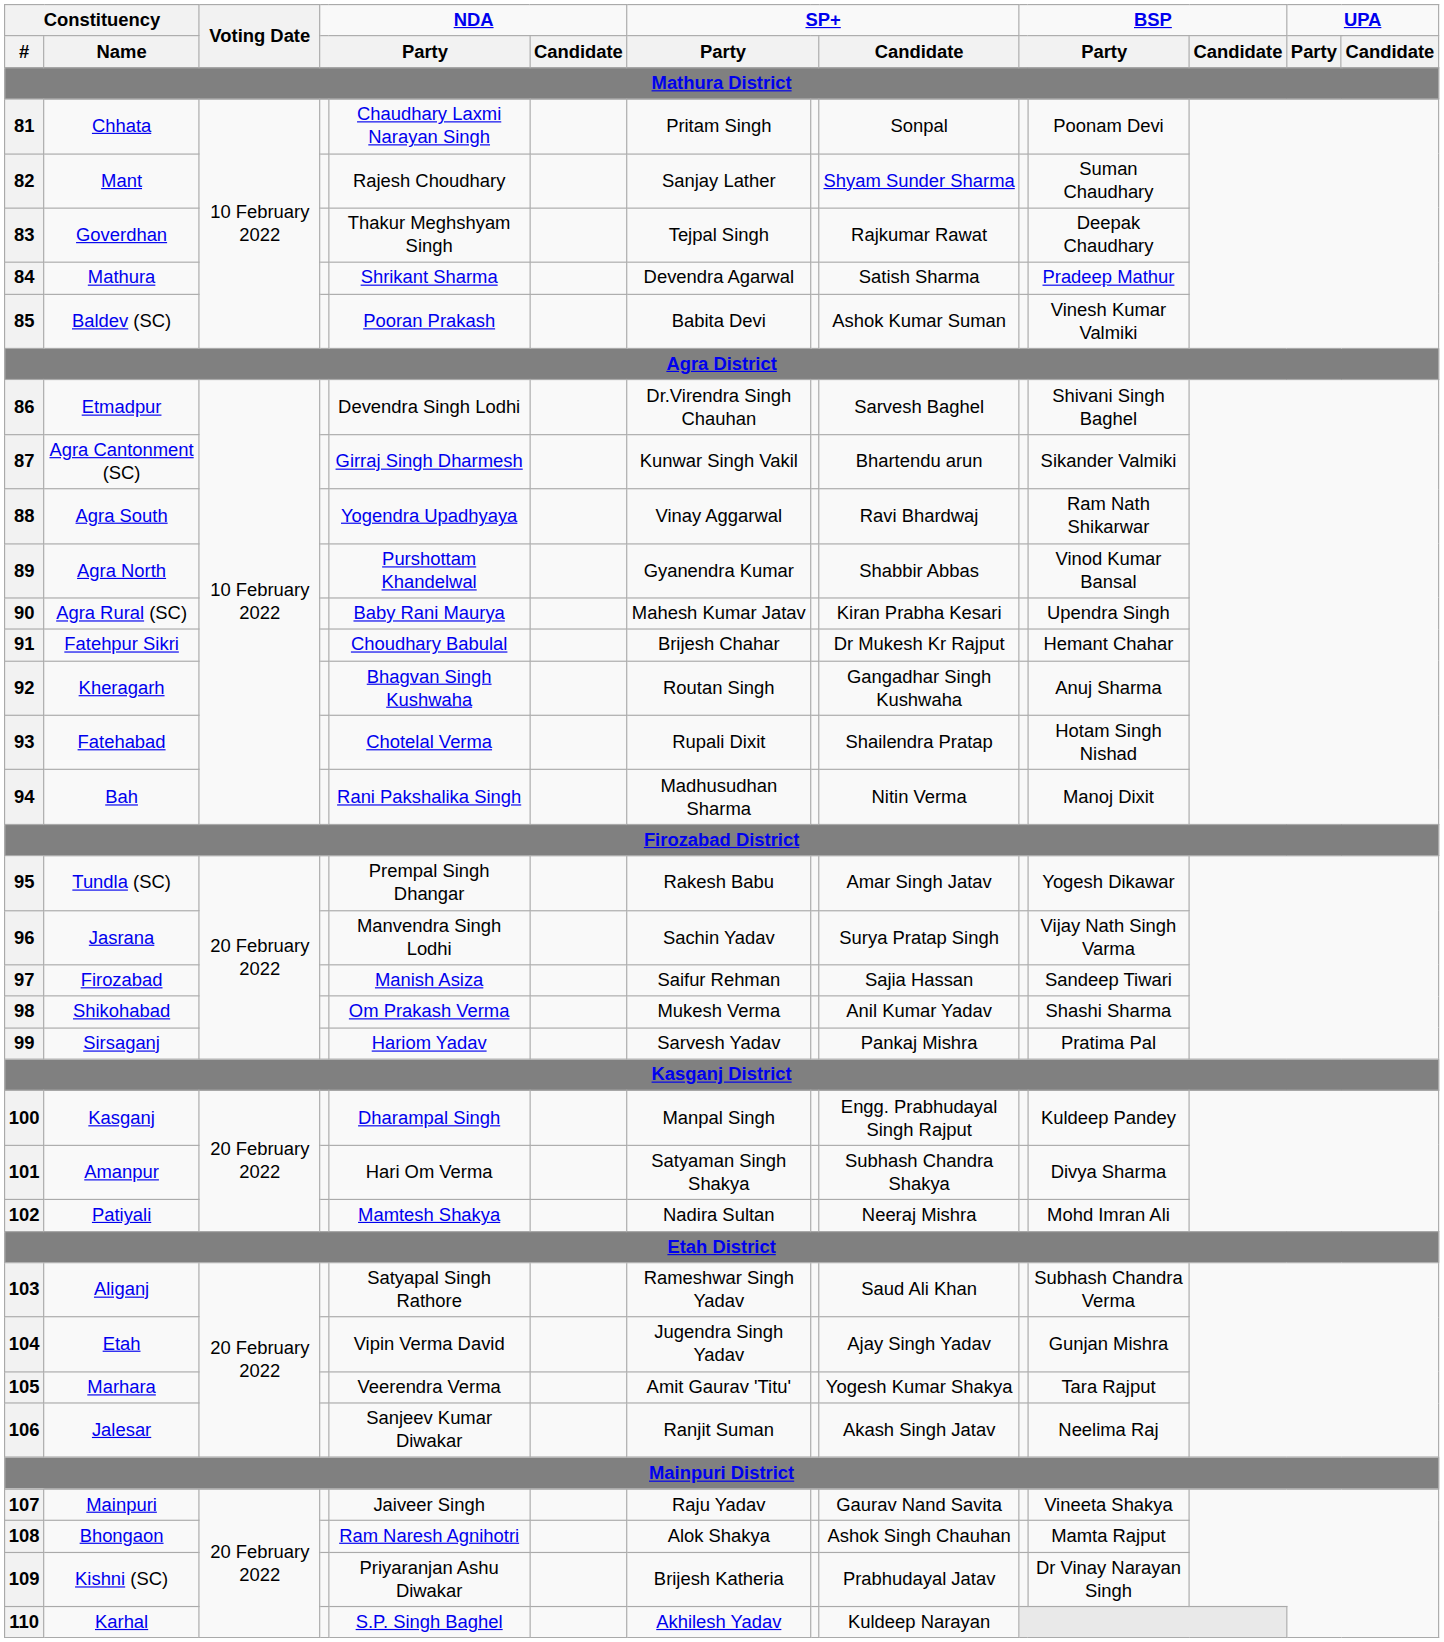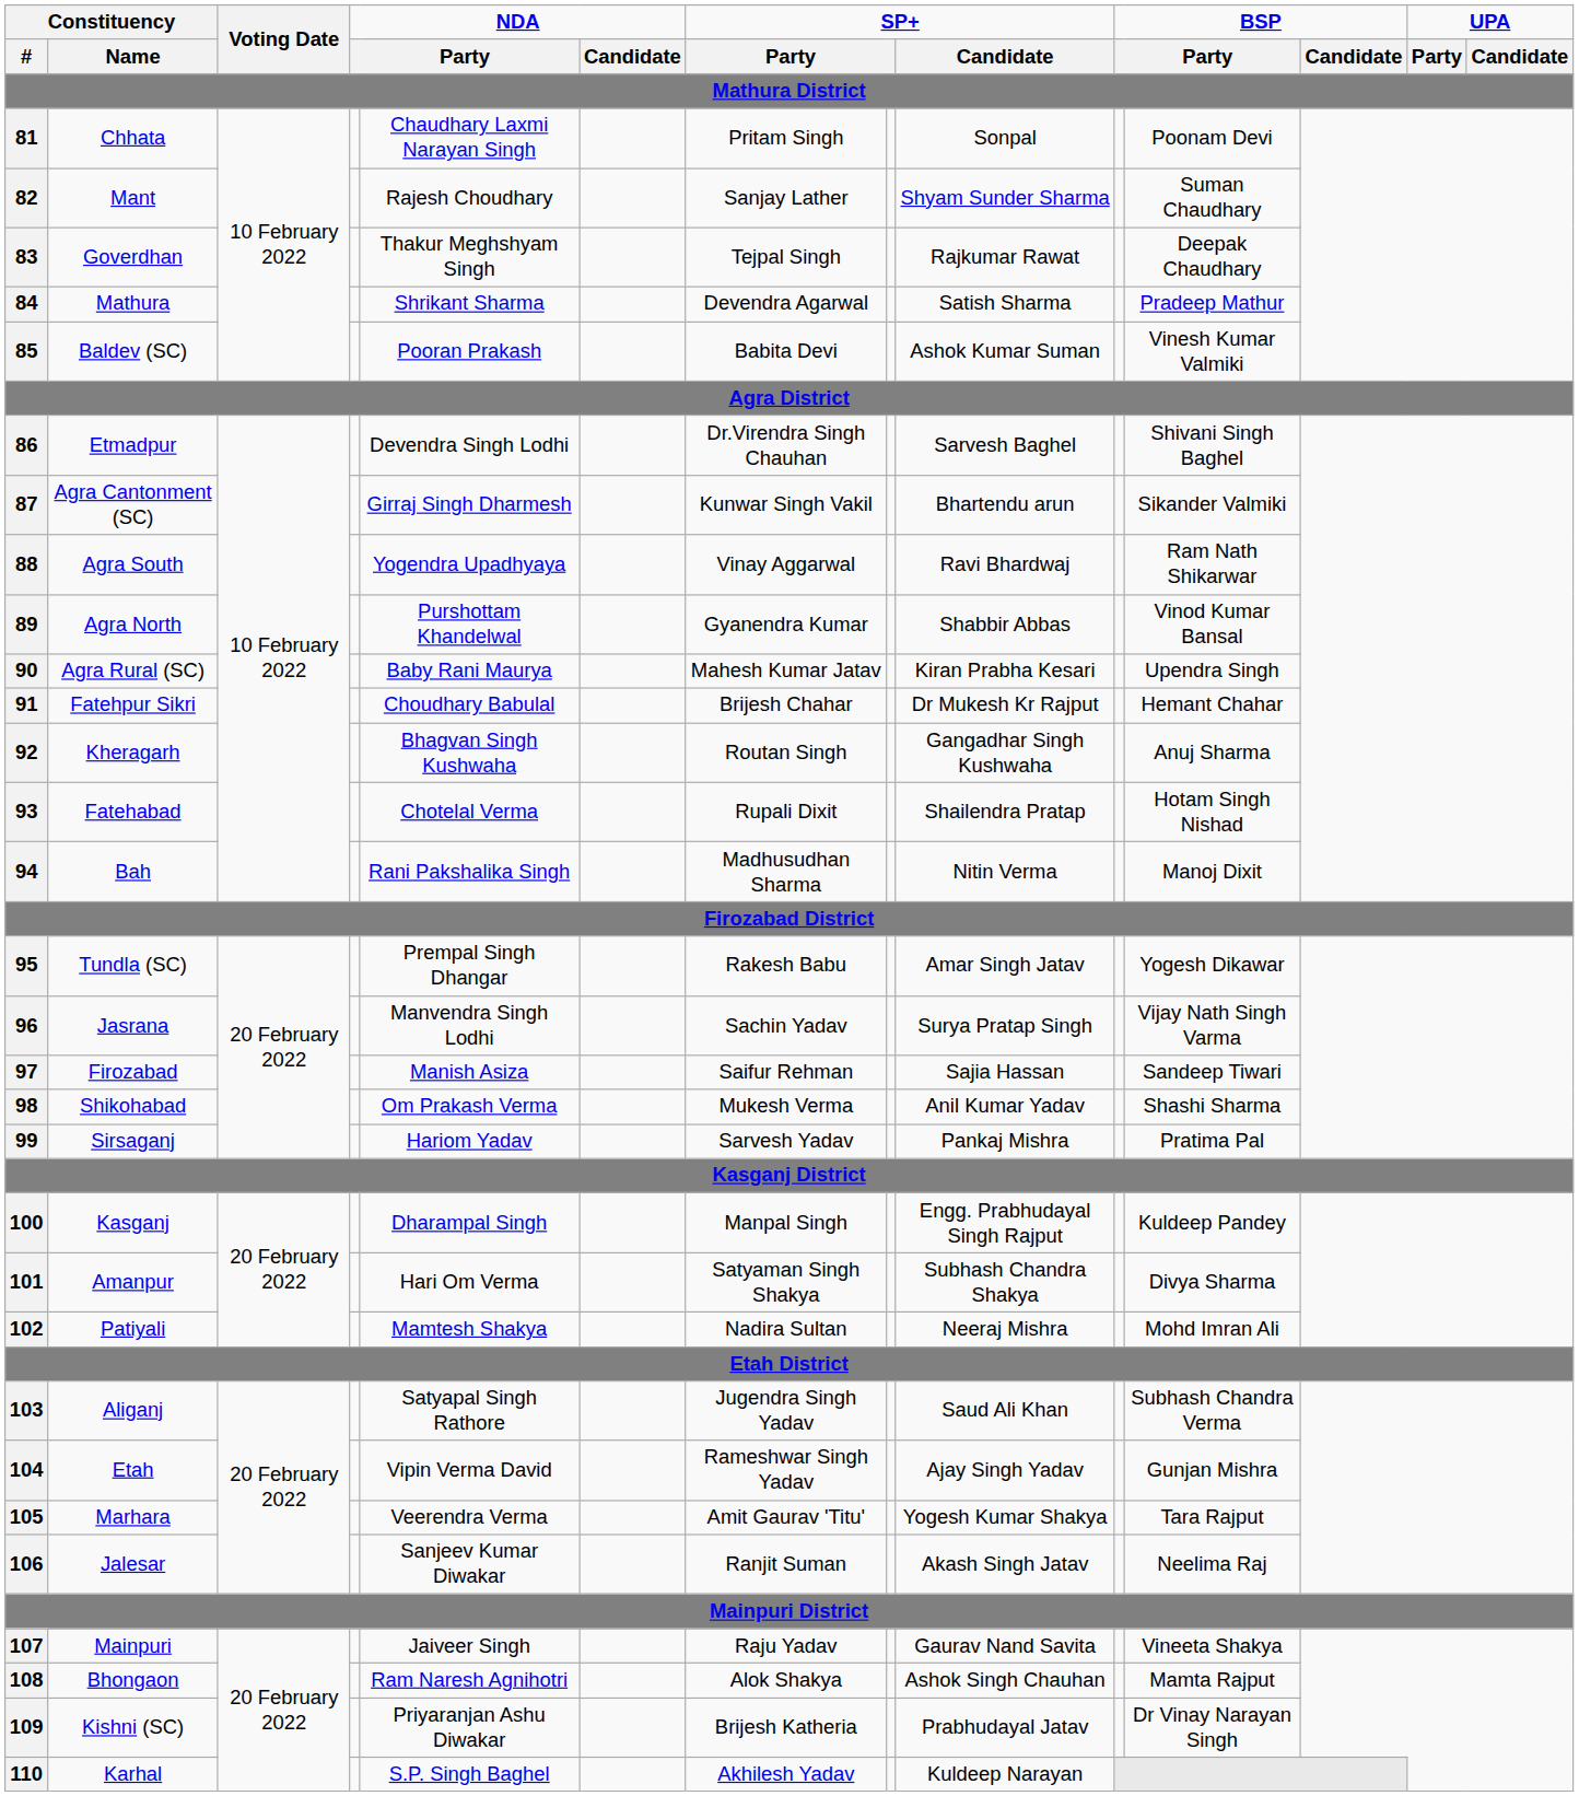 <table class="wikitable sortable mw-collapsible" style="line-height:20px;text-align:center;">
 <tr>
 <th colspan="2">Constituency</th>
 <th rowspan="2">Voting Date</th>
 <td colspan="3"><a href='#'><span><strong>NDA</strong></span></a></td>
 <td colspan="3"><a href='#'><span><strong>SP+</strong></span></a></td>
 <td colspan="3"><a href='#'><span><strong>BSP</strong></span></a></td>
 <td colspan="3"><a href='#'><span><strong>UPA</strong></span></a></td>
 </tr>
 <tr>
 <th>#</th>
 <th>Name</th>
 <th colspan="2">Party</th>
 <th>Candidate</th>
 <th colspan="2">Party</th>
 <th>Candidate</th>
 <th colspan="2">Party</th>
 <th>Candidate</th>
 <th colspan="2">Party</th>
 <th>Candidate</th>
 </tr>
 <tr>
 <td colspan="15" align="center" bgcolor="grey"><a href='#'><span><strong>Mathura District</strong></span></a></td>
 </tr>
 <tr>
 <th>81</th>
 <td><a href='#'>Chhata</a></td>
 <td rowspan="5">10 February 2022</td>
 <td></td>
 <td><a href='#'>Chaudhary Laxmi Narayan Singh</a></td>
 <td></td>
 <td>Pritam Singh</td>
 <td></td>
 <td>Sonpal</td>
 <td></td>
 <td>Poonam Devi</td>
 </tr>
 <tr>
 <th>82</th>
 <td><a href='#'>Mant</a></td>
 <td></td>
 <td>Rajesh Choudhary</td>
 <td></td>
 <td>Sanjay Lather</td>
 <td></td>
 <td><a href='#'>Shyam Sunder Sharma</a></td>
 <td></td>
 <td>Suman Chaudhary</td>
 </tr>
 <tr>
 <th>83</th>
 <td><a href='#'>Goverdhan</a></td>
 <td></td>
 <td>Thakur Meghshyam Singh</td>
 <td></td>
 <td>Tejpal Singh</td>
 <td></td>
 <td>Rajkumar Rawat</td>
 <td></td>
 <td>Deepak Chaudhary</td>
 </tr>
 <tr>
 <th>84</th>
 <td><a href='#'>Mathura</a></td>
 <td></td>
 <td><a href='#'>Shrikant Sharma</a></td>
 <td></td>
 <td>Devendra Agarwal</td>
 <td></td>
 <td>Satish Sharma</td>
 <td></td>
 <td><a href='#'>Pradeep Mathur</a></td>
 </tr>
 <tr>
 <th>85</th>
 <td><a href='#'>Baldev</a> (SC)</td>
 <td></td>
 <td><a href='#'>Pooran Prakash</a></td>
 <td></td>
 <td>Babita Devi</td>
 <td></td>
 <td>Ashok Kumar Suman</td>
 <td></td>
 <td>Vinesh Kumar Valmiki</td>
 </tr>
 <tr>
 <td colspan="15" align="center" bgcolor="grey"><a href='#'><span><strong>Agra District</strong></span></a></td>
 </tr>
 <tr>
 <th>86</th>
 <td><a href='#'>Etmadpur</a></td>
 <td rowspan="9">10 February 2022</td>
 <td></td>
 <td>Devendra Singh Lodhi</td>
 <td></td>
 <td>Dr.Virendra Singh Chauhan</td>
 <td></td>
 <td>Sarvesh Baghel</td>
 <td></td>
 <td>Shivani Singh Baghel</td>
 </tr>
 <tr>
 <th>87</th>
 <td><a href='#'>Agra Cantonment</a> (SC)</td>
 <td></td>
 <td><a href='#'>Girraj Singh Dharmesh</a></td>
 <td></td>
 <td>Kunwar Singh Vakil</td>
 <td></td>
 <td>Bhartendu arun</td>
 <td></td>
 <td>Sikander Valmiki</td>
 </tr>
 <tr>
 <th>88</th>
 <td><a href='#'>Agra South</a></td>
 <td></td>
 <td><a href='#'>Yogendra Upadhyaya</a></td>
 <td></td>
 <td>Vinay Aggarwal</td>
 <td></td>
 <td>Ravi Bhardwaj</td>
 <td></td>
 <td>Ram Nath Shikarwar</td>
 </tr>
 <tr>
 <th>89</th>
 <td><a href='#'>Agra North</a></td>
 <td></td>
 <td><a href='#'>Purshottam Khandelwal</a></td>
 <td></td>
 <td>Gyanendra Kumar</td>
 <td></td>
 <td>Shabbir Abbas</td>
 <td></td>
 <td>Vinod Kumar Bansal</td>
 </tr>
 <tr>
 <th>90</th>
 <td><a href='#'>Agra Rural</a> (SC)</td>
 <td></td>
 <td><a href='#'>Baby Rani Maurya</a></td>
 <td></td>
 <td>Mahesh Kumar Jatav</td>
 <td></td>
 <td>Kiran Prabha Kesari</td>
 <td></td>
 <td>Upendra Singh</td>
 </tr>
 <tr>
 <th>91</th>
 <td><a href='#'>Fatehpur Sikri</a></td>
 <td></td>
 <td><a href='#'>Choudhary Babulal</a></td>
 <td></td>
 <td>Brijesh Chahar</td>
 <td></td>
 <td>Dr Mukesh Kr Rajput</td>
 <td></td>
 <td>Hemant Chahar</td>
 </tr>
 <tr>
 <th>92</th>
 <td><a href='#'>Kheragarh</a></td>
 <td></td>
 <td><a href='#'>Bhagvan Singh Kushwaha</a></td>
 <td></td>
 <td>Routan Singh</td>
 <td></td>
 <td>Gangadhar Singh Kushwaha</td>
 <td></td>
 <td>Anuj Sharma</td>
 </tr>
 <tr>
 <th>93</th>
 <td><a href='#'>Fatehabad</a></td>
 <td></td>
 <td><a href='#'>Chotelal Verma</a></td>
 <td></td>
 <td>Rupali Dixit</td>
 <td></td>
 <td>Shailendra Pratap</td>
 <td></td>
 <td>Hotam Singh Nishad</td>
 </tr>
 <tr>
 <th>94</th>
 <td><a href='#'>Bah</a></td>
 <td></td>
 <td><a href='#'>Rani Pakshalika Singh</a></td>
 <td></td>
 <td>Madhusudhan Sharma</td>
 <td></td>
 <td>Nitin Verma</td>
 <td></td>
 <td>Manoj Dixit</td>
 </tr>
 <tr>
 <td colspan="15" align="center" bgcolor="grey"><a href='#'><span><strong>Firozabad District</strong></span></a></td>
 </tr>
 <tr>
 <th>95</th>
 <td><a href='#'>Tundla</a> (SC)</td>
 <td rowspan="5">20 February 2022</td>
 <td></td>
 <td>Prempal Singh Dhangar</td>
 <td></td>
 <td>Rakesh Babu</td>
 <td></td>
 <td>Amar Singh Jatav</td>
 <td></td>
 <td>Yogesh Dikawar</td>
 </tr>
 <tr>
 <th>96</th>
 <td><a href='#'>Jasrana</a></td>
 <td></td>
 <td>Manvendra Singh Lodhi</td>
 <td></td>
 <td>Sachin Yadav</td>
 <td></td>
 <td>Surya Pratap Singh</td>
 <td></td>
 <td>Vijay Nath Singh Varma</td>
 </tr>
 <tr>
 <th>97</th>
 <td><a href='#'>Firozabad</a></td>
 <td></td>
 <td><a href='#'>Manish Asiza</a></td>
 <td></td>
 <td>Saifur Rehman</td>
 <td></td>
 <td>Sajia Hassan</td>
 <td></td>
 <td>Sandeep Tiwari</td>
 </tr>
 <tr>
 <th>98</th>
 <td><a href='#'>Shikohabad</a></td>
 <td></td>
 <td><a href='#'>Om Prakash Verma</a></td>
 <td></td>
 <td>Mukesh Verma</td>
 <td></td>
 <td>Anil Kumar Yadav</td>
 <td></td>
 <td>Shashi Sharma</td>
 </tr>
 <tr>
 <th>99</th>
 <td><a href='#'>Sirsaganj</a></td>
 <td></td>
 <td><a href='#'>Hariom Yadav</a></td>
 <td></td>
 <td>Sarvesh Yadav</td>
 <td></td>
 <td>Pankaj Mishra</td>
 <td></td>
 <td>Pratima Pal</td>
 </tr>
 <tr>
 <td colspan="15" align="center" bgcolor="grey"><a href='#'><span><strong>Kasganj District</strong></span></a></td>
 </tr>
 <tr>
 <th>100</th>
 <td><a href='#'>Kasganj</a></td>
 <td rowspan="3">20 February 2022</td>
 <td></td>
 <td><a href='#'>Dharampal Singh</a></td>
 <td></td>
 <td>Manpal Singh</td>
 <td></td>
 <td>Engg. Prabhudayal Singh Rajput</td>
 <td></td>
 <td>Kuldeep Pandey</td>
 </tr>
 <tr>
 <th>101</th>
 <td><a href='#'>Amanpur</a></td>
 <td></td>
 <td>Hari Om Verma</td>
 <td></td>
 <td>Satyaman Singh Shakya</td>
 <td></td>
 <td>Subhash Chandra Shakya</td>
 <td></td>
 <td>Divya Sharma</td>
 </tr>
 <tr>
 <th>102</th>
 <td><a href='#'>Patiyali</a></td>
 <td></td>
 <td><a href='#'>Mamtesh Shakya</a></td>
 <td></td>
 <td>Nadira Sultan</td>
 <td></td>
 <td>Neeraj Mishra</td>
 <td></td>
 <td>Mohd Imran Ali</td>
 </tr>
 <tr>
 <td colspan="15" align="center" bgcolor="grey"><a href='#'><span><strong>Etah District</strong></span></a></td>
 </tr>
 <tr>
 <th>103</th>
 <td><a href='#'>Aliganj</a></td>
 <td rowspan="4">20 February 2022</td>
 <td></td>
 <td>Satyapal Singh Rathore</td>
 <td></td>
-<td>Rameshwar Singh Yadav</td>
+<td>Jugendra Singh Yadav</td>
 <td></td>
 <td>Saud Ali Khan</td>
 <td></td>
 <td>Subhash Chandra Verma</td>
 </tr>
 <tr>
 <th>104</th>
 <td><a href='#'>Etah</a></td>
 <td></td>
 <td>Vipin Verma David</td>
 <td></td>
-<td>Jugendra Singh Yadav</td>
+<td>Rameshwar Singh Yadav</td>
 <td></td>
 <td>Ajay Singh Yadav</td>
 <td></td>
 <td>Gunjan Mishra</td>
 </tr>
 <tr>
 <th>105</th>
 <td><a href='#'>Marhara</a></td>
 <td></td>
 <td>Veerendra Verma</td>
 <td></td>
 <td>Amit Gaurav 'Titu'</td>
 <td></td>
 <td>Yogesh Kumar Shakya</td>
 <td></td>
 <td>Tara Rajput</td>
 </tr>
 <tr>
 <th>106</th>
 <td><a href='#'>Jalesar</a></td>
 <td></td>
 <td>Sanjeev Kumar Diwakar</td>
 <td></td>
 <td>Ranjit Suman</td>
 <td></td>
 <td>Akash Singh Jatav</td>
 <td></td>
 <td>Neelima Raj</td>
 </tr>
 <tr>
 <td colspan="15" align="center" bgcolor="grey"><a href='#'><span><strong>Mainpuri District</strong></span></a></td>
 </tr>
 <tr>
 <th>107</th>
 <td><a href='#'>Mainpuri</a></td>
 <td rowspan="4">20 February 2022</td>
 <td></td>
 <td>Jaiveer Singh</td>
 <td></td>
 <td>Raju Yadav</td>
 <td></td>
 <td>Gaurav Nand Savita</td>
 <td></td>
 <td>Vineeta Shakya</td>
 </tr>
 <tr>
 <th>108</th>
 <td><a href='#'>Bhongaon</a></td>
 <td></td>
 <td><a href='#'>Ram Naresh Agnihotri</a></td>
 <td></td>
 <td>Alok Shakya</td>
 <td></td>
 <td>Ashok Singh Chauhan</td>
 <td></td>
 <td>Mamta Rajput</td>
 </tr>
 <tr>
 <th>109</th>
 <td><a href='#'>Kishni</a> (SC)</td>
 <td></td>
 <td>Priyaranjan Ashu Diwakar</td>
 <td></td>
 <td>Brijesh Katheria</td>
 <td></td>
 <td>Prabhudayal Jatav</td>
 <td></td>
 <td>Dr Vinay Narayan Singh</td>
 </tr>
 <tr>
 <th>110</th>
 <td><a href='#'>Karhal</a></td>
 <td></td>
 <td><a href='#'>S.P. Singh Baghel</a></td>
 <td></td>
 <td><a href='#'>Akhilesh Yadav</a></td>
 <td></td>
 <td>Kuldeep Narayan</td>
 <td colspan="3" style="background-color:#E9E9E9"></td>
 </tr>
 </table>
